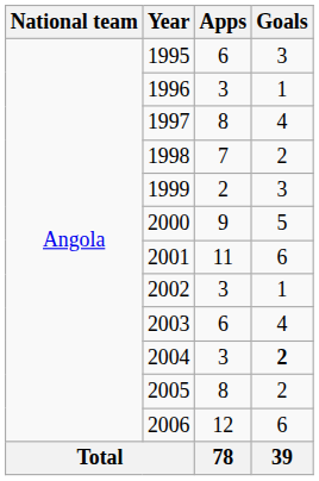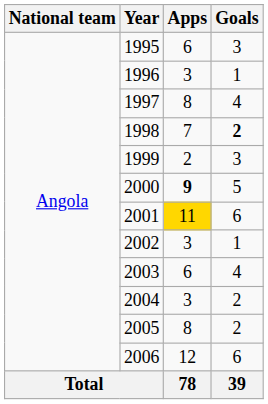 <table class="wikitable" style="text-align:center">
 <tr>
 <th>National team</th>
 <th>Year</th>
 <th>Apps</th>
 <th>Goals</th>
 </tr>
 <tr>
 <td rowspan="12"><a href='#'>Angola</a></td>
 <td>1995</td>
 <td>6</td>
 <td>3</td>
 </tr>
 <tr>
 <td>1996</td>
 <td>3</td>
 <td>1</td>
 </tr>
 <tr>
 <td>1997</td>
 <td>8</td>
 <td>4</td>
 </tr>
 <tr>
 <td>1998</td>
 <td>7</td>
-<td>2</td>
+<td><strong>2</strong></td>
 </tr>
 <tr>
 <td>1999</td>
 <td>2</td>
 <td>3</td>
 </tr>
 <tr>
 <td>2000</td>
-<td>9</td>
+<td><strong>9</strong></td>
 <td>5</td>
 </tr>
 <tr>
 <td>2001</td>
-<td>11</td>
+<td style="background: gold;">11</td>
 <td>6</td>
 </tr>
 <tr>
 <td>2002</td>
 <td>3</td>
 <td>1</td>
 </tr>
 <tr>
 <td>2003</td>
 <td>6</td>
 <td>4</td>
 </tr>
 <tr>
 <td>2004</td>
 <td>3</td>
-<td><strong>2</strong></td>
+<td>2</td>
 </tr>
 <tr>
 <td>2005</td>
 <td>8</td>
 <td>2</td>
 </tr>
 <tr>
 <td>2006</td>
 <td>12</td>
 <td>6</td>
 </tr>
 <tr>
 <th colspan="2">Total</th>
 <th>78</th>
 <th>39</th>
 </tr>
 </table>
